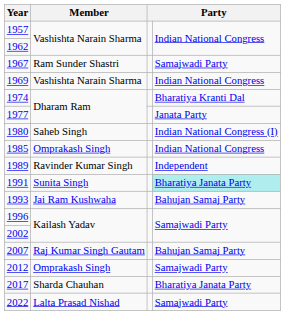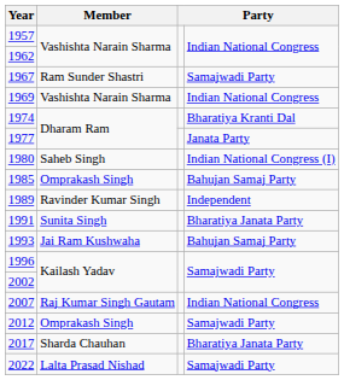 <table class="wikitable">
 <tr>
 <th>Year</th>
 <th>Member</th>
 <th colspan="2">Party</th>
 </tr>
 <tr>
 <td><a href='#'>1957</a></td>
 <td rowspan="2">Vashishta Narain Sharma</td>
 <td rowspan="2" style="background-color: "></td>
 <td rowspan="2"><a href='#'>Indian National Congress</a></td>
 </tr>
 <tr>
 <td><a href='#'>1962</a></td>
 </tr>
 <tr>
 <td><a href='#'>1967</a></td>
 <td>Ram Sunder Shastri</td>
 <td style="background-color: "></td>
 <td><a href='#'>Samajwadi Party</a></td>
 </tr>
 <tr>
 <td><a href='#'>1969</a></td>
 <td>Vashishta Narain Sharma</td>
 <td style="background-color: "></td>
 <td><a href='#'>Indian National Congress</a></td>
 </tr>
 <tr>
 <td><a href='#'>1974</a></td>
 <td rowspan="2">Dharam Ram</td>
 <td style="background-color: "></td>
 <td><a href='#'>Bharatiya Kranti Dal</a></td>
 </tr>
 <tr>
 <td><a href='#'>1977</a></td>
 <td style="background-color: "></td>
 <td><a href='#'>Janata Party</a></td>
 </tr>
 <tr>
 <td><a href='#'>1980</a></td>
 <td>Saheb Singh</td>
 <td style="background-color: "></td>
 <td><a href='#'>Indian National Congress (I)</a></td>
 </tr>
 <tr>
 <td><a href='#'>1985</a></td>
 <td><a href='#'>Omprakash Singh</a></td>
 <td style="background-color: "></td>
-<td><a href='#'>Indian National Congress</a></td>
+<td><a href='#'>Bahujan Samaj Party</a></td>
 </tr>
 <tr>
 <td><a href='#'>1989</a></td>
 <td>Ravinder Kumar Singh</td>
 <td style="background-color: "></td>
 <td><a href='#'>Independent</a></td>
 </tr>
 <tr>
 <td><a href='#'>1991</a></td>
 <td><a href='#'>Sunita Singh</a></td>
 <td style="background-color: "></td>
-<td style="background: paleturquoise;"><a href='#'>Bharatiya Janata Party</a></td>
+<td><a href='#'>Bharatiya Janata Party</a></td>
 </tr>
 <tr>
 <td><a href='#'>1993</a></td>
 <td><a href='#'>Jai Ram Kushwaha</a></td>
 <td style="background-color: "></td>
 <td><a href='#'>Bahujan Samaj Party</a></td>
 </tr>
 <tr>
 <td><a href='#'>1996</a></td>
 <td rowspan="2">Kailash Yadav</td>
 <td rowspan="2" style="background-color: "></td>
 <td rowspan="2"><a href='#'>Samajwadi Party</a></td>
 </tr>
 <tr>
 <td><a href='#'>2002</a></td>
 </tr>
 <tr>
 <td><a href='#'>2007</a></td>
 <td><a href='#'>Raj Kumar Singh Gautam</a></td>
 <td style="background-color: "></td>
-<td><a href='#'>Bahujan Samaj Party</a></td>
+<td><a href='#'>Indian National Congress</a></td>
 </tr>
 <tr>
 <td><a href='#'>2012</a></td>
 <td><a href='#'>Omprakash Singh</a></td>
 <td style="background-color: "></td>
 <td><a href='#'>Samajwadi Party</a></td>
 </tr>
 <tr>
 <td><a href='#'>2017</a></td>
 <td>Sharda Chauhan</td>
 <td style="background-color: "></td>
 <td><a href='#'>Bharatiya Janata Party</a></td>
 </tr>
 <tr>
 <td><a href='#'>2022</a></td>
 <td><a href='#'>Lalta Prasad Nishad</a></td>
 <td style="background-color: "></td>
 <td><a href='#'>Samajwadi Party</a></td>
 </tr>
 </table>
